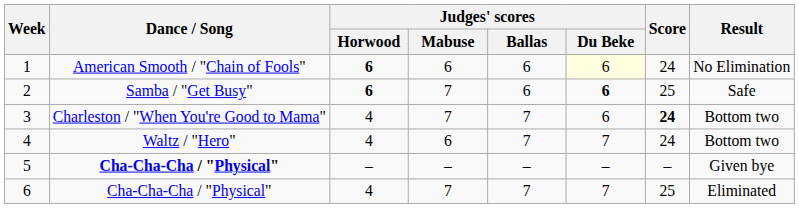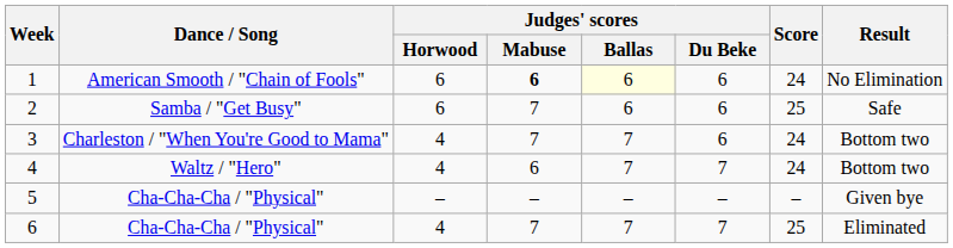 <table class="wikitable">
 <tr>
 <th rowspan="2">Week </th>
 <th rowspan="2">Dance / Song</th>
 <th colspan="4">Judges' scores</th>
 <th rowspan="2">Score</th>
 <th rowspan="2">Result</th>
 </tr>
 <tr>
 <th style="width:10%; ">Horwood</th>
 <th style="width:10%; ">Mabuse</th>
 <th style="width:10%; ">Ballas</th>
 <th style="width:10%; ">Du Beke</th>
 </tr>
 <tr style="text-align: center; ">
 <td>1</td>
 <td><a href='#'>American Smooth</a> / "<a href='#'>Chain of Fools</a>"</td>
+<td>6</td>
 <td><strong>6</strong></td>
+<td style="background: lightyellow;">6</td>
 <td>6</td>
-<td>6</td>
-<td style="background: lightyellow;">6</td>
 <td>24</td>
 <td>No Elimination</td>
 </tr>
 <tr style="text-align: center;">
 <td>2</td>
 <td><a href='#'>Samba</a> / "<a href='#'>Get Busy</a>"</td>
-<td><strong>6</strong></td>
+<td>6</td>
 <td>7</td>
 <td>6</td>
-<td><strong>6</strong></td>
+<td>6</td>
 <td>25</td>
 <td>Safe</td>
 </tr>
 <tr style="text-align: center;">
 <td>3</td>
 <td><a href='#'>Charleston</a> / "<a href='#'>When You're Good to Mama</a>"</td>
 <td>4</td>
 <td>7</td>
 <td>7</td>
 <td>6</td>
-<td><strong>24</strong></td>
+<td>24</td>
 <td>Bottom two</td>
 </tr>
 <tr style="text-align: center;">
 <td>4</td>
 <td><a href='#'>Waltz</a> / "<a href='#'>Hero</a>"</td>
 <td>4</td>
 <td>6</td>
 <td>7</td>
 <td>7</td>
 <td>24</td>
 <td>Bottom two</td>
 </tr>
 <tr style="text-align: center;">
 <td>5</td>
-<td><strong><a href='#'>Cha-Cha-Cha</a> / "<a href='#'>Physical</a>"</strong></td>
+<td><a href='#'>Cha-Cha-Cha</a> / "<a href='#'>Physical</a>"</td>
 <td>–</td>
 <td>–</td>
 <td>–</td>
 <td>–</td>
 <td>–</td>
 <td>Given bye</td>
 </tr>
 <tr style="text-align: center;">
 <td>6</td>
 <td><a href='#'>Cha-Cha-Cha</a> / "<a href='#'>Physical</a>"</td>
 <td>4</td>
 <td>7</td>
 <td>7</td>
 <td>7</td>
 <td>25</td>
 <td>Eliminated</td>
 </tr>
 </table>
